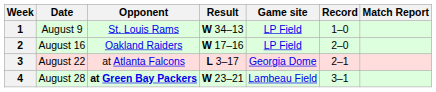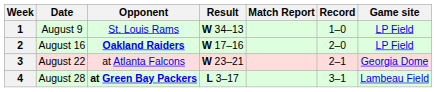 <table class="wikitable" style="text-align:center">
 <tr>
 <th>Week</th>
 <th>Date</th>
 <th>Opponent</th>
 <th>Result</th>
+<th>Match Report</th>
+<th>Record</th>
 <th>Game site</th>
-<th>Record</th>
-<th>Match Report</th>
 </tr>
 <tr style="background:#ddffdd;">
 <th>1</th>
 <td>August 9</td>
 <td><a href='#'>St. Louis Rams</a></td>
 <td><strong>W</strong> 34–13</td>
+<td align=center colspan="1"></td>
+<td>1–0</td>
 <td><a href='#'>LP Field</a></td>
-<td>1–0</td>
-<td align=center colspan="1"></td>
 </tr>
 <tr style="background:#ddffdd;">
 <th>2</th>
 <td>August 16</td>
-<td><a href='#'>Oakland Raiders</a></td>
+<td><strong><a href='#'>Oakland Raiders</a></strong></td>
 <td><strong>W</strong> 17–16</td>
+<td align=center colspan="1"></td>
+<td>2–0</td>
 <td><a href='#'>LP Field</a></td>
-<td>2–0</td>
-<td align=center colspan="1"></td>
 </tr>
 <tr style="background: #ffdddd;">
 <th>3</th>
 <td>August 22</td>
 <td>at <a href='#'>Atlanta Falcons</a></td>
-<td><strong>L</strong> 3–17</td>
+<td><strong>W</strong> 23–21</td>
+<td align=center colspan="1"></td>
+<td>2–1</td>
 <td><a href='#'>Georgia Dome</a></td>
-<td>2–1</td>
-<td align=center colspan="1"></td>
 </tr>
 <tr style="background:#ddffdd;">
 <th>4</th>
 <td>August 28</td>
 <td><strong>at <a href='#'>Green Bay Packers</a></strong></td>
-<td><strong>W</strong> 23–21</td>
+<td><strong>L</strong> 3–17</td>
+<td align=center colspan="1"></td>
+<td>3–1</td>
 <td><a href='#'>Lambeau Field</a></td>
-<td>3–1</td>
-<td align=center colspan="1"></td>
 </tr>
 </table>
